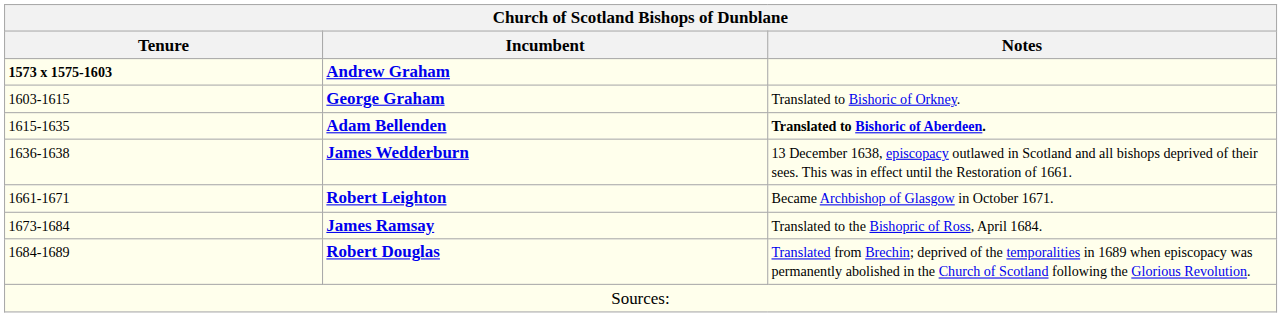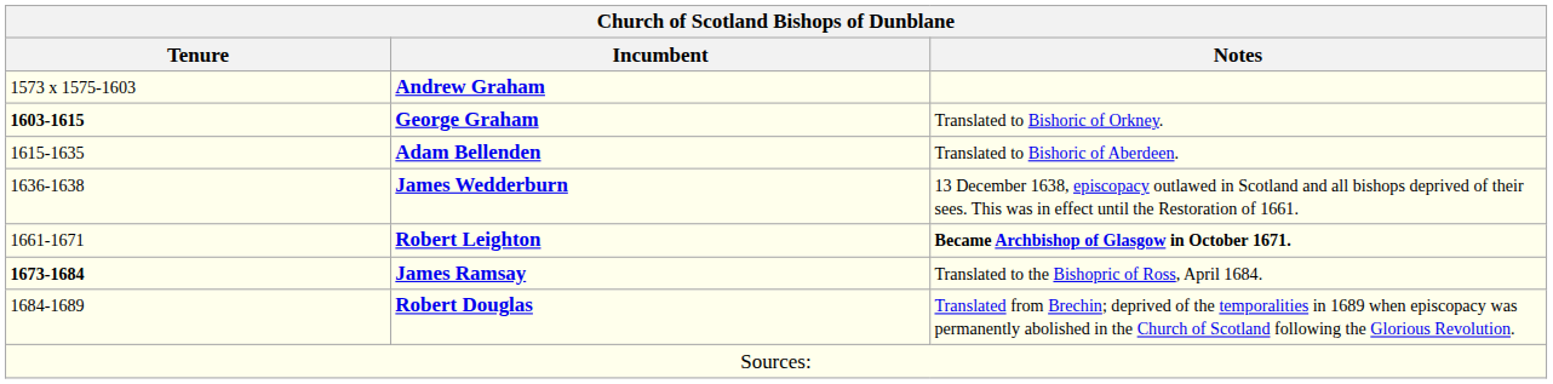 <table class="wikitable" style="width:95%;" border="1" cellpadding="2">
 <tr>
 <th colspan="4">Church of Scotland Bishops of Dunblane</th>
 </tr>
 <tr align=center>
 <th width="25%">Tenure</th>
 <th width="35%">Incumbent</th>
 <th width="40%">Notes</th>
 </tr>
 <tr valign=top bgcolor="#ffffec">
-<td><strong><small>1573 x 1575-1603</small></strong></td>
+<td><small>1573 x 1575-1603</small></td>
 <td><strong><a href='#'>Andrew Graham</a></strong></td>
 <td><small></small></td>
 </tr>
 <tr valign=top bgcolor="#ffffec">
-<td><small>1603-1615</small></td>
+<td><strong><small>1603-1615</small></strong></td>
 <td><strong><a href='#'>George Graham</a></strong></td>
 <td><small>Translated to <a href='#'>Bishoric of Orkney</a>.</small></td>
 </tr>
 <tr valign=top bgcolor="#ffffec">
 <td><small>1615-1635</small></td>
 <td><strong><a href='#'>Adam Bellenden</a></strong></td>
-<td><strong><small>Translated to <a href='#'>Bishoric of Aberdeen</a>.</small></strong></td>
+<td><small>Translated to <a href='#'>Bishoric of Aberdeen</a>.</small></td>
 </tr>
 <tr valign=top bgcolor="#ffffec">
 <td><small>1636-1638</small></td>
 <td><strong><a href='#'>James Wedderburn</a></strong></td>
 <td><small>13 December 1638, <a href='#'>episcopacy</a> outlawed in Scotland and all bishops deprived of their sees. This was in effect until the Restoration of 1661.</small></td>
 </tr>
 <tr valign=top bgcolor="#ffffec">
 <td><small>1661-1671</small></td>
 <td><strong><a href='#'>Robert Leighton</a></strong></td>
-<td><small>Became <a href='#'>Archbishop of Glasgow</a> in October 1671.</small></td>
+<td><strong><small>Became <a href='#'>Archbishop of Glasgow</a> in October 1671.</small></strong></td>
 </tr>
 <tr valign=top bgcolor="#ffffec">
-<td><small>1673-1684</small></td>
+<td><strong><small>1673-1684</small></strong></td>
 <td><strong><a href='#'>James Ramsay</a></strong></td>
 <td><small>Translated to the <a href='#'>Bishopric of Ross</a>, April 1684.</small></td>
 </tr>
 <tr valign=top bgcolor="#ffffec">
 <td><small>1684-1689</small></td>
 <td><strong><a href='#'>Robert Douglas</a></strong></td>
 <td><small><a href='#'>Translated</a> from <a href='#'>Brechin</a>; deprived of the <a href='#'>temporalities</a> in 1689 when episcopacy was permanently abolished in the <a href='#'>Church of Scotland</a> following the <a href='#'>Glorious Revolution</a>.</small></td>
 </tr>
 <tr valign=top bgcolor="#ffffec">
 <td align=center colspan=3>Sources:</td>
 </tr>
 </table>
